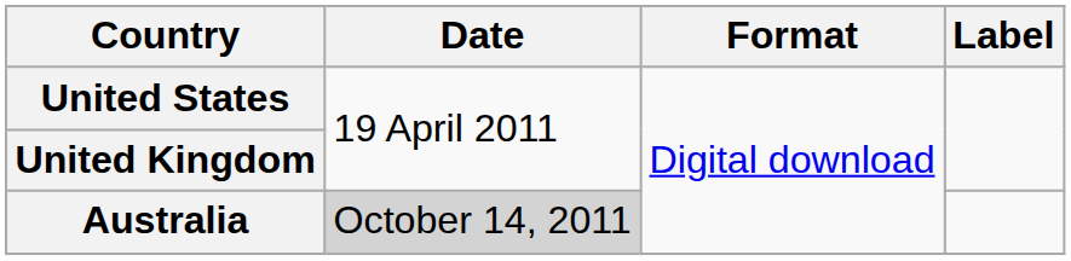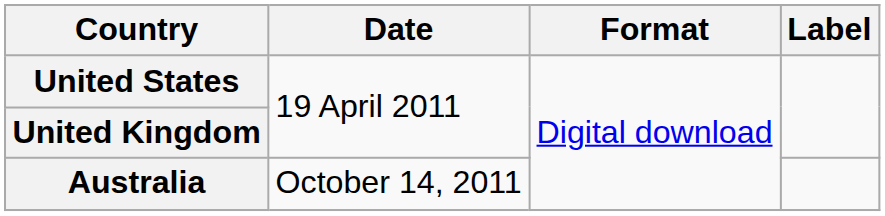 <table class="wikitable plainrowheaders">
 <tr>
 <th scope="col">Country</th>
 <th scope="col">Date</th>
 <th scope="col">Format</th>
 <th scope="col">Label</th>
 </tr>
 <tr>
 <th scope="row">United States</th>
 <td rowspan="2">19 April 2011</td>
 <td rowspan="3"><a href='#'>Digital download</a></td>
 <td rowspan="2"></td>
 </tr>
 <tr>
 <th scope="row">United Kingdom</th>
 </tr>
 <tr>
 <th scope="row">Australia</th>
-<td style="background: lightgrey;">October 14, 2011</td>
+<td>October 14, 2011</td>
 <td></td>
 </tr>
 </table>
